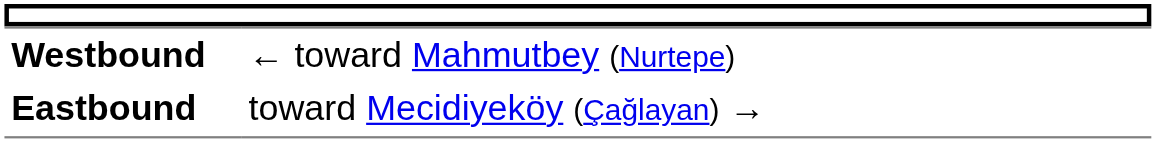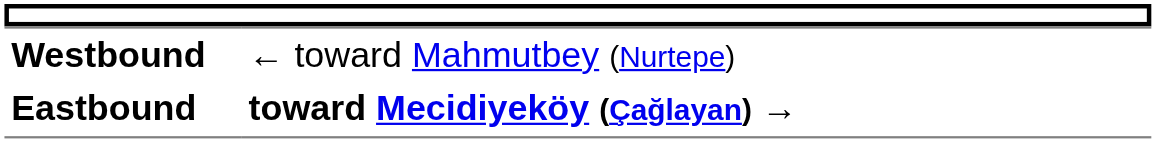 <table table border=0 cellspacing=0 cellpadding=3>
 <tr>
 <td rowspan="4"></td>
 <td colspan="2" style="border-top:solid 2px black;border-right:solid 2px black;border-left:solid 2px black;border-bottom:solid 2px black;text-align:center;"></td>
 </tr>
 <tr>
 <td style="border-top:solid 1px gray;" width="100"><strong>Westbound</strong></td>
 <td style="border-top:solid 1px gray;" width="400">←  toward <a href='#'>Mahmutbey</a> <small>(<a href='#'>Nurtepe</a>)</small></td>
 </tr>
 <tr>
 <td style="border-bottom:solid 1px gray;"><strong>Eastbound</strong></td>
-<td style="border-bottom:solid 1px gray;"> toward <a href='#'>Mecidiyeköy</a> <small>(<a href='#'>Çağlayan</a>)</small> →</td>
+<td style="border-bottom:solid 1px gray;"><strong> toward <a href='#'>Mecidiyeköy</a> <small>(<a href='#'>Çağlayan</a>)</small> →</strong></td>
 </tr>
 <tr>
 <td colspan="2"></td>
 </tr>
 </table>
